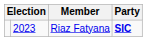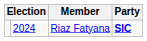 <table class="wikitable">
 <tr>
 <th colspan="2">Election</th>
 <th>Member</th>
 <th>Party</th>
 </tr>
 <tr>
 <td style="background-color: "></td>
-<td><a href='#'>2023</a></td>
+<td><a href='#'>2024</a></td>
 <td><a href='#'>Riaz Fatyana</a></td>
 <td><strong><a href='#'>SIC</a></strong></td>
 </tr>
 </table>
